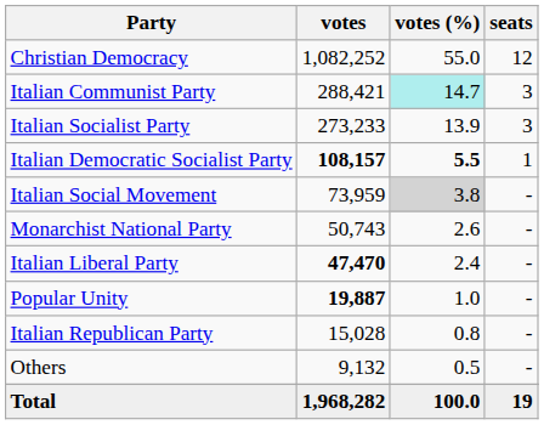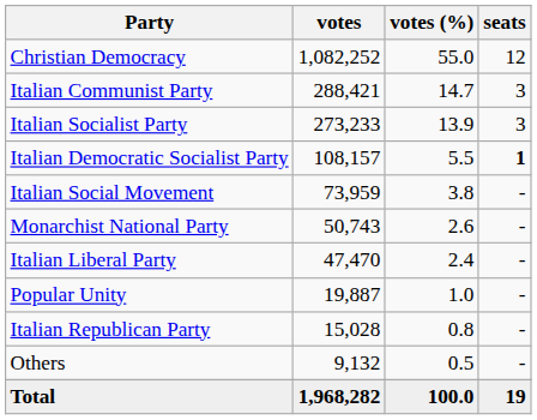 <table class="wikitable" style="font-size:95%">
 <tr bgcolor="EFEFEF">
 <th>Party</th>
 <th>votes</th>
 <th>votes (%)</th>
 <th>seats</th>
 </tr>
 <tr>
 <td><a href='#'>Christian Democracy</a></td>
 <td align=right>1,082,252</td>
 <td align=right>55.0</td>
 <td align=right>12</td>
 </tr>
 <tr>
 <td><a href='#'>Italian Communist Party</a></td>
 <td align=right>288,421</td>
-<td align=right style="background: paleturquoise;">14.7</td>
+<td align=right>14.7</td>
 <td align=right>3</td>
 </tr>
 <tr>
 <td><a href='#'>Italian Socialist Party</a></td>
 <td align=right>273,233</td>
 <td align=right>13.9</td>
 <td align=right>3</td>
 </tr>
 <tr>
 <td><a href='#'>Italian Democratic Socialist Party</a></td>
-<td align=right><strong>108,157</strong></td>
-<td align=right><strong>5.5</strong></td>
-<td align=right>1</td>
+<td align=right>108,157</td>
+<td align=right>5.5</td>
+<td align=right><strong>1</strong></td>
 </tr>
 <tr>
 <td><a href='#'>Italian Social Movement</a></td>
 <td align=right>73,959</td>
-<td align=right style="background: lightgrey;">3.8</td>
+<td align=right>3.8</td>
 <td align=right>-</td>
 </tr>
 <tr>
 <td><a href='#'>Monarchist National Party</a></td>
 <td align=right>50,743</td>
 <td align=right>2.6</td>
 <td align=right>-</td>
 </tr>
 <tr>
 <td><a href='#'>Italian Liberal Party</a></td>
-<td align=right><strong>47,470</strong></td>
+<td align=right>47,470</td>
 <td align=right>2.4</td>
 <td align=right>-</td>
 </tr>
 <tr>
 <td><a href='#'>Popular Unity</a></td>
-<td align=right><strong>19,887</strong></td>
+<td align=right>19,887</td>
 <td align=right>1.0</td>
 <td align=right>-</td>
 </tr>
 <tr>
 <td><a href='#'>Italian Republican Party</a></td>
 <td align=right>15,028</td>
 <td align=right>0.8</td>
 <td align=right>-</td>
 </tr>
 <tr>
 <td>Others</td>
 <td align=right>9,132</td>
 <td align=right>0.5</td>
 <td align=right>-</td>
 </tr>
 <tr>
 </tr>
 <tr bgcolor="EFEFEF">
 <td><strong>Total</strong></td>
 <td align=right><strong>1,968,282</strong></td>
 <td align=right><strong>100.0</strong></td>
 <td align=right><strong>19</strong></td>
 </tr>
 </table>
